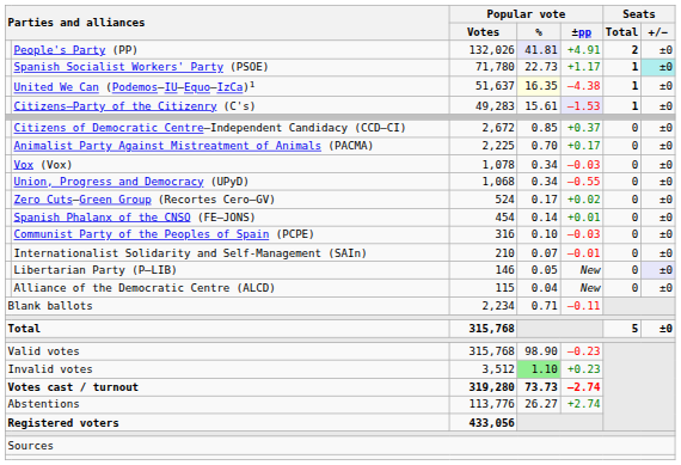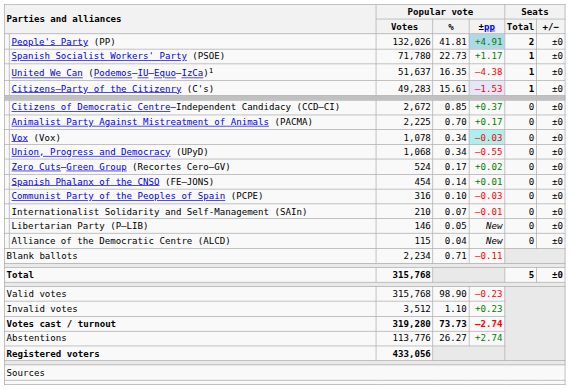 <table class="wikitable" style="text-align:right;">
 <tr>
 <th style="text-align:left;" rowspan="2" colspan="2" width="525">Parties and alliances</th>
 <th colspan="3">Popular vote</th>
 <th colspan="2">Seats</th>
 </tr>
 <tr>
 <th width="75">Votes</th>
 <th width="45">%</th>
 <th width="45">±<a href='#'>pp</a></th>
 <th width="35">Total</th>
 <th width="35">+/−</th>
 </tr>
 <tr>
 <td width="1" style="color:inherit;background:"></td>
 <td align="left"><a href='#'>People's Party</a> (PP)</td>
 <td>132,026</td>
-<td style="background: lavender;">41.81</td>
-<td style="color:green;">+4.91</td>
+<td>41.81</td>
+<td style="background: lightblue; color:green;">+4.91</td>
 <td><strong>2</strong></td>
 <td>±0</td>
 </tr>
 <tr>
 <td style="color:inherit;background:"></td>
 <td align="left"><a href='#'>Spanish Socialist Workers' Party</a> (PSOE)</td>
 <td>71,780</td>
 <td>22.73</td>
 <td style="color:green;">+1.17</td>
 <td><strong>1</strong></td>
-<td style="background: paleturquoise;">±0</td>
+<td>±0</td>
 </tr>
 <tr>
 <td style="color:inherit;background:"></td>
 <td align="left"><a href='#'>United We Can</a> (<a href='#'>Podemos</a>–<a href='#'>IU</a>–<a href='#'>Equo</a>–<a href='#'>IzCa</a>)<sup>1</sup></td>
 <td>51,637</td>
-<td style="background: lightyellow;">16.35</td>
+<td>16.35</td>
 <td style="color:red;">–4.38</td>
 <td><strong>1</strong></td>
 <td>±0</td>
 </tr>
 <tr>
 <td style="color:inherit;background:"></td>
 <td align="left"><a href='#'>Citizens–Party of the Citizenry</a> (C's)</td>
 <td>49,283</td>
 <td>15.61</td>
 <td style="background: lavender; color:red;">–1.53</td>
 <td><strong>1</strong></td>
 <td>±0</td>
 </tr>
 <tr>
 <td colspan="7" bgcolor="#C0C0C0"></td>
 </tr>
 <tr>
 <td style="color:inherit;background:"></td>
 <td align="left"><a href='#'>Citizens of Democratic Centre</a>–Independent Candidacy (CCD–CI)</td>
 <td>2,672</td>
 <td>0.85</td>
 <td style="color:green;">+0.37</td>
 <td>0</td>
 <td>±0</td>
 </tr>
 <tr>
 <td style="color:inherit;background:"></td>
 <td align="left"><a href='#'>Animalist Party Against Mistreatment of Animals</a> (PACMA)</td>
 <td>2,225</td>
 <td>0.70</td>
 <td style="color:green;">+0.17</td>
 <td>0</td>
 <td>±0</td>
 </tr>
 <tr>
 <td style="color:inherit;background:"></td>
 <td align="left"><a href='#'>Vox</a> (Vox)</td>
 <td>1,078</td>
 <td>0.34</td>
-<td style="color:red;">–0.03</td>
+<td style="background: paleturquoise; color:red;">–0.03</td>
 <td>0</td>
 <td>±0</td>
 </tr>
 <tr>
 <td style="color:inherit;background:"></td>
 <td align="left"><a href='#'>Union, Progress and Democracy</a> (UPyD)</td>
 <td>1,068</td>
 <td>0.34</td>
 <td style="color:red;">–0.55</td>
 <td>0</td>
 <td>±0</td>
 </tr>
 <tr>
 <td style="color:inherit;background:"></td>
 <td align="left"><a href='#'>Zero Cuts</a>–<a href='#'>Green Group</a> (Recortes Cero–GV)</td>
 <td>524</td>
 <td>0.17</td>
 <td style="color:green;">+0.02</td>
 <td>0</td>
 <td>±0</td>
 </tr>
 <tr>
 <td style="color:inherit;background:"></td>
 <td align="left"><a href='#'>Spanish Phalanx of the CNSO</a> (FE–JONS)</td>
 <td>454</td>
 <td>0.14</td>
 <td style="color:green;">+0.01</td>
 <td>0</td>
 <td>±0</td>
 </tr>
 <tr>
 <td style="color:inherit;background:"></td>
 <td align="left"><a href='#'>Communist Party of the Peoples of Spain</a> (PCPE)</td>
 <td>316</td>
 <td>0.10</td>
 <td style="color:red;">–0.03</td>
 <td>0</td>
 <td>±0</td>
 </tr>
 <tr>
 <td style="color:inherit;background:"></td>
 <td align="left">Internationalist Solidarity and Self-Management (SAIn)</td>
 <td>210</td>
 <td>0.07</td>
 <td style="color:red;">–0.01</td>
 <td>0</td>
 <td>±0</td>
 </tr>
 <tr>
 <td style="color:inherit;background:"></td>
 <td align="left">Libertarian Party (P–LIB)</td>
 <td>146</td>
 <td>0.05</td>
 <td><em>New</em></td>
 <td>0</td>
-<td style="background: lavender;">±0</td>
+<td>±0</td>
 </tr>
 <tr>
 <td style="color:inherit;background:"></td>
 <td align="left">Alliance of the Democratic Centre (ALCD)</td>
 <td>115</td>
 <td>0.04</td>
 <td><em>New</em></td>
 <td>0</td>
 <td>±0</td>
 </tr>
 <tr>
 <td align="left" colspan="2">Blank ballots</td>
 <td>2,234</td>
 <td>0.71</td>
 <td style="color:red;">–0.11</td>
 <td bgcolor="#E9E9E9" colspan="2"></td>
 </tr>
 <tr>
 <td colspan="7" bgcolor="#E9E9E9"></td>
 </tr>
 <tr style="font-weight:bold;">
 <td align="left" colspan="2">Total</td>
 <td>315,768</td>
 <td bgcolor="#E9E9E9" colspan="2"></td>
 <td>5</td>
 <td>±0</td>
 </tr>
 <tr>
 <td colspan="7" bgcolor="#E9E9E9"></td>
 </tr>
 <tr>
 <td align="left" colspan="2">Valid votes</td>
 <td>315,768</td>
 <td>98.90</td>
 <td style="color:red;">–0.23</td>
 <td bgcolor="#E9E9E9" colspan="2" rowspan="5"></td>
 </tr>
 <tr>
 <td align="left" colspan="2">Invalid votes</td>
 <td>3,512</td>
-<td style="background: lightgreen;">1.10</td>
+<td>1.10</td>
 <td style="color:green;">+0.23</td>
 </tr>
 <tr style="font-weight:bold;">
 <td align="left" colspan="2">Votes cast / turnout</td>
 <td>319,280</td>
 <td>73.73</td>
 <td style="color:red;">–2.74</td>
 </tr>
 <tr>
 <td align="left" colspan="2">Abstentions</td>
 <td>113,776</td>
 <td>26.27</td>
 <td style="color:green;">+2.74</td>
 </tr>
 <tr style="font-weight:bold;">
 <td align="left" colspan="2">Registered voters</td>
 <td>433,056</td>
 <td bgcolor="#E9E9E9" colspan="2"></td>
 </tr>
 <tr>
 <td colspan="7" bgcolor="#E9E9E9"></td>
 </tr>
 <tr>
 <td align="left" colspan="7">Sources</td>
 </tr>
 <tr>
 <td colspan="7" style="text-align:left; max-width:790px;"></td>
 </tr>
 </table>
